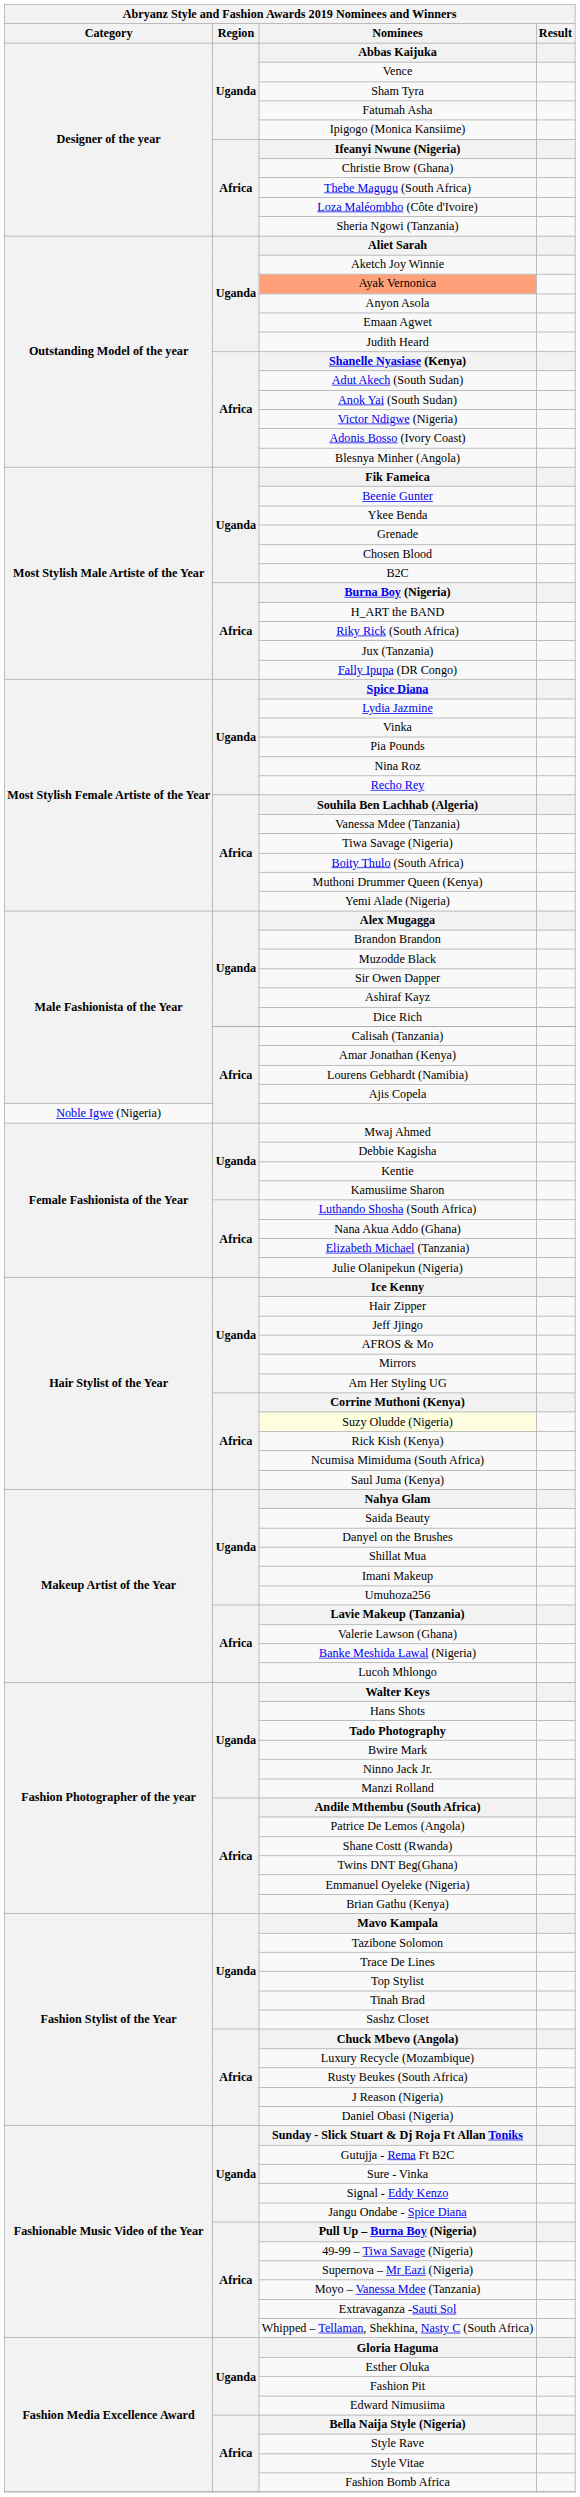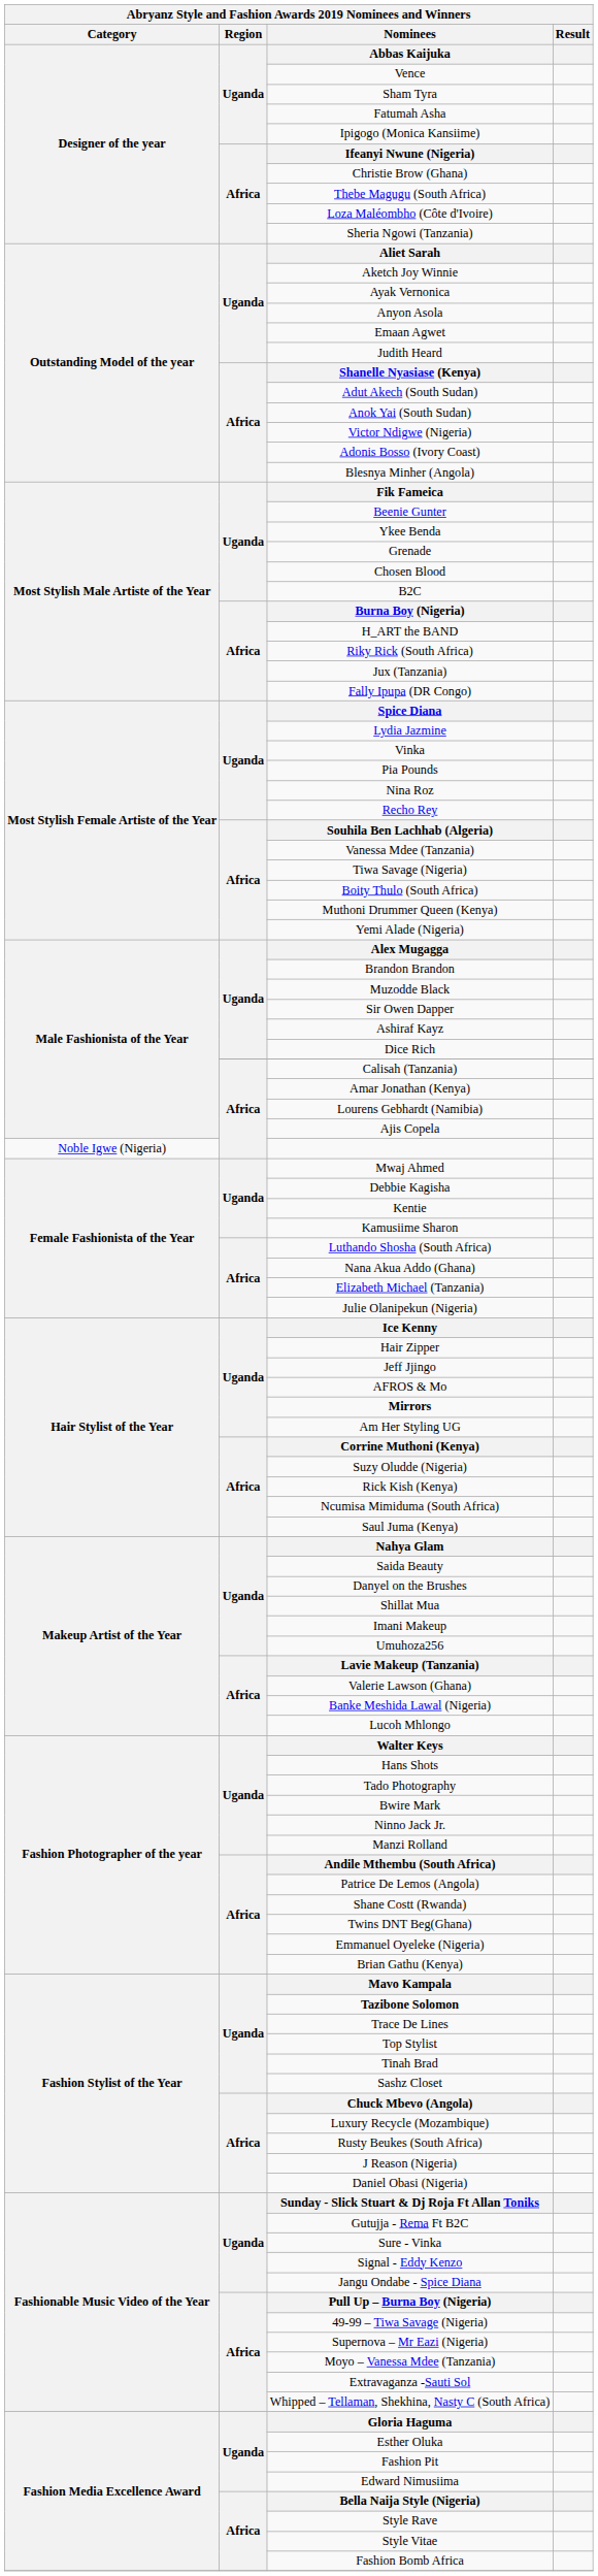 <table class=wikitable style ="text-align:center" width="">
 <tr>
 <th colspan="4">Abryanz Style and Fashion Awards 2019 Nominees and Winners</th>
 </tr>
 <tr>
 <th>Category</th>
 <th>Region</th>
 <th>Nominees</th>
 <th>Result </th>
 </tr>
 <tr>
 <th rowspan="10">Designer of the year</th>
 <th rowspan="5">Uganda</th>
 <th>Abbas Kaijuka</th>
 <th></th>
 </tr>
 <tr>
 <td>Vence</td>
 <td></td>
 </tr>
 <tr>
 <td>Sham Tyra</td>
 <td></td>
 </tr>
 <tr>
 <td>Fatumah Asha</td>
 <td></td>
 </tr>
 <tr>
 <td>Ipigogo (Monica Kansiime)</td>
 <td></td>
 </tr>
 <tr>
 <th rowspan="5">Africa</th>
 <th>Ifeanyi Nwune (Nigeria)</th>
 <th></th>
 </tr>
 <tr>
 <td>Christie Brow (Ghana)</td>
 <td></td>
 </tr>
 <tr>
 <td><a href='#'>Thebe Magugu</a> (South Africa)</td>
 <td></td>
 </tr>
 <tr>
 <td><a href='#'>Loza Maléombho</a> (Côte d'Ivoire)</td>
 <td></td>
 </tr>
 <tr>
 <td>Sheria Ngowi (Tanzania)</td>
 <td></td>
 </tr>
 <tr>
 <th rowspan="12">Outstanding Model of the year</th>
 <th rowspan="6">Uganda</th>
 <th>Aliet Sarah</th>
 <th></th>
 </tr>
 <tr>
 <td>Aketch Joy Winnie</td>
 <td></td>
 </tr>
 <tr>
-<td style="background: lightsalmon;">Ayak Vernonica</td>
+<td>Ayak Vernonica</td>
 <td></td>
 </tr>
 <tr>
 <td>Anyon Asola</td>
 <td></td>
 </tr>
 <tr>
 <td>Emaan Agwet</td>
 <td></td>
 </tr>
 <tr>
 <td>Judith Heard</td>
 <td></td>
 </tr>
 <tr>
 <th rowspan="6">Africa</th>
 <th><a href='#'>Shanelle Nyasiase</a> (Kenya)</th>
 <th></th>
 </tr>
 <tr>
 <td><a href='#'>Adut Akech</a> (South Sudan)</td>
 <td></td>
 </tr>
 <tr>
 <td><a href='#'>Anok Yai</a> (South Sudan)</td>
 <td></td>
 </tr>
 <tr>
 <td><a href='#'>Victor Ndigwe</a> (Nigeria)</td>
 <td></td>
 </tr>
 <tr>
 <td><a href='#'>Adonis Bosso</a> (Ivory Coast)</td>
 <td></td>
 </tr>
 <tr>
 <td>Blesnya Minher (Angola)</td>
 <td></td>
 </tr>
 <tr>
 <th rowspan="11">Most Stylish Male Artiste of the Year</th>
 <th rowspan="6">Uganda</th>
 <th>Fik Fameica</th>
 <th></th>
 </tr>
 <tr>
 <td><a href='#'>Beenie Gunter</a></td>
 <td></td>
 </tr>
 <tr>
 <td>Ykee Benda</td>
 <td></td>
 </tr>
 <tr>
 <td>Grenade</td>
 <td></td>
 </tr>
 <tr>
 <td>Chosen Blood</td>
 <td></td>
 </tr>
 <tr>
 <td>B2C</td>
 <td></td>
 </tr>
 <tr>
 <th rowspan="5">Africa</th>
 <th><a href='#'>Burna Boy</a> (Nigeria)</th>
 <th></th>
 </tr>
 <tr>
 <td>H_ART the BAND</td>
 <td></td>
 </tr>
 <tr>
 <td><a href='#'>Riky Rick</a> (South Africa)</td>
 <td></td>
 </tr>
 <tr>
 <td>Jux (Tanzania)</td>
 <td></td>
 </tr>
 <tr>
 <td><a href='#'>Fally Ipupa</a> (DR Congo)</td>
 <td></td>
 </tr>
 <tr>
 <th rowspan="12">Most Stylish Female Artiste of the Year</th>
 <th rowspan="6">Uganda</th>
 <th><a href='#'>Spice Diana</a></th>
 <th></th>
 </tr>
 <tr>
 <td><a href='#'>Lydia Jazmine</a></td>
 <td></td>
 </tr>
 <tr>
 <td>Vinka</td>
 <td></td>
 </tr>
 <tr>
 <td>Pia Pounds</td>
 <td></td>
 </tr>
 <tr>
 <td>Nina Roz</td>
 <td></td>
 </tr>
 <tr>
 <td><a href='#'>Recho Rey</a></td>
 <td></td>
 </tr>
 <tr>
 <th rowspan="6">Africa</th>
 <th>Souhila Ben Lachhab (Algeria)</th>
 <th></th>
 </tr>
 <tr>
 <td>Vanessa Mdee (Tanzania)</td>
 <td></td>
 </tr>
 <tr>
 <td>Tiwa Savage (Nigeria)</td>
 <td></td>
 </tr>
 <tr>
 <td><a href='#'>Boity Thulo</a> (South Africa)</td>
 <td></td>
 </tr>
 <tr>
 <td>Muthoni Drummer Queen (Kenya)</td>
 <td></td>
 </tr>
 <tr>
 <td>Yemi Alade (Nigeria)</td>
 <td></td>
 </tr>
 <tr>
 <th rowspan="11">Male Fashionista of the Year</th>
 <th rowspan="6">Uganda</th>
 <th>Alex Mugagga</th>
 <th></th>
 </tr>
 <tr>
 <td>Brandon Brandon</td>
 <td></td>
 </tr>
 <tr>
 <td>Muzodde Black</td>
 <td></td>
 </tr>
 <tr>
 <td>Sir Owen Dapper</td>
 <td></td>
 </tr>
 <tr>
 <td>Ashiraf Kayz</td>
 <td></td>
 </tr>
 <tr>
 <td>Dice Rich</td>
 <td></td>
 </tr>
 <tr>
 </tr>
 <tr>
 <th rowspan="5">Africa</th>
 <td>Calisah (Tanzania)</td>
 <td></td>
 </tr>
 <tr>
 <td>Amar Jonathan (Kenya)</td>
 <td></td>
 </tr>
 <tr>
 <td>Lourens Gebhardt (Namibia)</td>
 <td></td>
 </tr>
 <tr>
 <td>Ajis Copela</td>
 <td></td>
 </tr>
 <tr>
 <td><a href='#'>Noble Igwe</a> (Nigeria)</td>
 <td></td>
 </tr>
 <tr>
 <th rowspan="8">Female Fashionista of the Year</th>
 <th rowspan="4">Uganda</th>
 <td>Mwaj Ahmed</td>
 <td></td>
 </tr>
 <tr>
 <td>Debbie Kagisha</td>
 <td></td>
 </tr>
 <tr>
 <td>Kentie</td>
 <td></td>
 </tr>
 <tr>
 <td>Kamusiime Sharon</td>
 <td></td>
 </tr>
 <tr>
 <th rowspan="4">Africa</th>
 <td><a href='#'>Luthando Shosha</a> (South Africa)</td>
 <td></td>
 </tr>
 <tr>
 <td>Nana Akua Addo (Ghana)</td>
 <td></td>
 </tr>
 <tr>
 <td><a href='#'>Elizabeth Michael</a> (Tanzania)</td>
 <td></td>
 </tr>
 <tr>
 <td>Julie Olanipekun (Nigeria)</td>
 <td></td>
 </tr>
 <tr>
 <th rowspan="11">Hair Stylist of the Year</th>
 <th rowspan="6">Uganda</th>
 <th>Ice Kenny</th>
 <th></th>
 </tr>
 <tr>
 <td>Hair Zipper</td>
 <td></td>
 </tr>
 <tr>
 <td>Jeff Jjingo</td>
 <td></td>
 </tr>
 <tr>
 <td>AFROS & Mo</td>
 <td></td>
 </tr>
 <tr>
-<td>Mirrors</td>
+<td><strong>Mirrors</strong></td>
 <td></td>
 </tr>
 <tr>
 <td>Am Her Styling UG</td>
 <td></td>
 </tr>
 <tr>
 <th rowspan="5">Africa</th>
 <th>Corrine Muthoni (Kenya)</th>
 <th></th>
 </tr>
 <tr>
-<td style="background: lightyellow;">Suzy Oludde (Nigeria)</td>
+<td>Suzy Oludde (Nigeria)</td>
 <td></td>
 </tr>
 <tr>
 <td>Rick Kish (Kenya)</td>
 <td></td>
 </tr>
 <tr>
 <td>Ncumisa Mimiduma (South Africa)</td>
 <td></td>
 </tr>
 <tr>
 <td>Saul Juma (Kenya)</td>
 <td></td>
 </tr>
 <tr>
 <th rowspan="10">Makeup Artist of the Year</th>
 <th rowspan="6">Uganda</th>
 <th>Nahya Glam</th>
 <th></th>
 </tr>
 <tr>
 <td>Saida Beauty</td>
 <td></td>
 </tr>
 <tr>
 <td>Danyel on the Brushes</td>
 <td></td>
 </tr>
 <tr>
 <td>Shillat Mua</td>
 <td></td>
 </tr>
 <tr>
 <td>Imani Makeup</td>
 <td></td>
 </tr>
 <tr>
 <td>Umuhoza256</td>
 <td></td>
 </tr>
 <tr>
 <th rowspan="4">Africa</th>
 <th>Lavie Makeup (Tanzania)</th>
 <th></th>
 </tr>
 <tr>
 <td>Valerie Lawson (Ghana)</td>
 <td></td>
 </tr>
 <tr>
 <td><a href='#'>Banke Meshida Lawal</a> (Nigeria)</td>
 <td></td>
 </tr>
 <tr>
 <td>Lucoh Mhlongo</td>
 <td></td>
 </tr>
 <tr>
 <th rowspan="12">Fashion Photographer of the year</th>
 <th rowspan="6">Uganda</th>
 <th>Walter Keys</th>
 <th></th>
 </tr>
 <tr>
 <td>Hans Shots</td>
 <td></td>
 </tr>
 <tr>
-<td><strong>Tado Photography</strong></td>
+<td>Tado Photography</td>
 <td></td>
 </tr>
 <tr>
 <td>Bwire Mark</td>
 <td></td>
 </tr>
 <tr>
 <td>Ninno Jack Jr.</td>
 <td></td>
 </tr>
 <tr>
 <td>Manzi Rolland</td>
 <td></td>
 </tr>
 <tr>
 <th rowspan="6">Africa</th>
 <th>Andile Mthembu (South Africa)</th>
 <th></th>
 </tr>
 <tr>
 <td>Patrice De Lemos (Angola)</td>
 <td></td>
 </tr>
 <tr>
 <td>Shane Costt (Rwanda)</td>
 <td></td>
 </tr>
 <tr>
 <td>Twins DNT Beg(Ghana)</td>
 <td></td>
 </tr>
 <tr>
 <td>Emmanuel Oyeleke  (Nigeria)</td>
 <td></td>
 </tr>
 <tr>
 <td>Brian Gathu (Kenya)</td>
 <td></td>
 </tr>
 <tr>
 <th rowspan="11">Fashion Stylist of the Year</th>
 <th rowspan="6">Uganda</th>
 <th>Mavo Kampala</th>
 <th></th>
 </tr>
 <tr>
-<td>Tazibone Solomon</td>
+<td><strong>Tazibone Solomon</strong></td>
 <td></td>
 </tr>
 <tr>
 <td>Trace De Lines</td>
 <td></td>
 </tr>
 <tr>
 <td>Top Stylist</td>
 <td></td>
 </tr>
 <tr>
 <td>Tinah Brad</td>
 <td></td>
 </tr>
 <tr>
 <td>Sashz Closet</td>
 <td></td>
 </tr>
 <tr>
 <th rowspan="5">Africa</th>
 <th>Chuck Mbevo (Angola)</th>
 <th></th>
 </tr>
 <tr>
 <td>Luxury Recycle (Mozambique)</td>
 <td></td>
 </tr>
 <tr>
 <td>Rusty Beukes (South Africa)</td>
 <td></td>
 </tr>
 <tr>
 <td>J Reason (Nigeria)</td>
 <td></td>
 </tr>
 <tr>
 <td>Daniel Obasi (Nigeria)</td>
 <td></td>
 </tr>
 <tr>
 <th rowspan="11">Fashionable Music Video of the Year</th>
 <th rowspan="5">Uganda</th>
 <th>Sunday - Slick Stuart & Dj Roja Ft Allan <a href='#'>Toniks</a></th>
 <th></th>
 </tr>
 <tr>
 <td>Gutujja - <a href='#'>Rema</a> Ft B2C</td>
 <td></td>
 </tr>
 <tr>
 <td>Sure - Vinka</td>
 <td></td>
 </tr>
 <tr>
 <td>Signal - <a href='#'>Eddy Kenzo</a></td>
 <td></td>
 </tr>
 <tr>
 <td>Jangu Ondabe - <a href='#'>Spice Diana</a></td>
 <td></td>
 </tr>
 <tr>
 <th rowspan="6">Africa</th>
 <th>Pull Up – <a href='#'>Burna Boy</a> (Nigeria)</th>
 <th></th>
 </tr>
 <tr>
 <td>49-99 – <a href='#'>Tiwa Savage</a> (Nigeria)</td>
 <td></td>
 </tr>
 <tr>
 <td>Supernova – <a href='#'>Mr Eazi</a> (Nigeria)</td>
 <td></td>
 </tr>
 <tr>
 <td>Moyo – <a href='#'>Vanessa Mdee</a> (Tanzania)</td>
 <td></td>
 </tr>
 <tr>
 <td>Extravaganza -<a href='#'>Sauti Sol</a></td>
 <td></td>
 </tr>
 <tr>
 <td>Whipped – <a href='#'>Tellaman</a>, Shekhina, <a href='#'>Nasty C</a> (South Africa)</td>
 <td></td>
 </tr>
 <tr>
 <th rowspan="8">Fashion Media Excellence Award</th>
 <th rowspan="4">Uganda</th>
 <th>Gloria Haguma</th>
 <th></th>
 </tr>
 <tr>
 <td>Esther Oluka</td>
 <td></td>
 </tr>
 <tr>
 <td>Fashion Pit</td>
 <td></td>
 </tr>
 <tr>
 <td>Edward Nimusiima</td>
 <td></td>
 </tr>
 <tr>
 <th rowspan="4">Africa</th>
 <th>Bella Naija Style (Nigeria)</th>
 <th></th>
 </tr>
 <tr>
 <td>Style Rave</td>
 <td></td>
 </tr>
 <tr>
 <td>Style Vitae</td>
 <td></td>
 </tr>
 <tr>
 <td>Fashion Bomb Africa</td>
 <td></td>
 </tr>
 <tr>
 </tr>
 </table>
